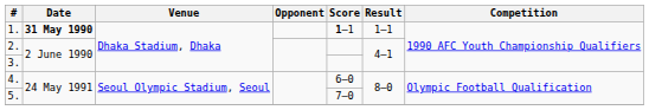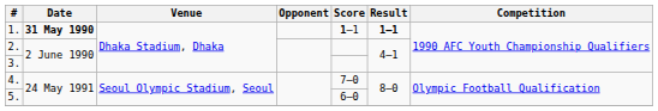 <table class="wikitable" style="font-size:95%">
 <tr>
 <th>#</th>
 <th>Date</th>
 <th>Venue</th>
 <th>Opponent</th>
 <th>Score</th>
 <th>Result</th>
 <th>Competition</th>
 </tr>
 <tr>
 <td>1.</td>
 <td><strong>31 May 1990</strong></td>
 <td rowspan=3><a href='#'>Dhaka Stadium</a>, <a href='#'>Dhaka</a></td>
 <td></td>
 <td style="text-align:center;"><strong>1</strong>–1</td>
-<td style="text-align:center;">1–1</td>
+<td style="text-align:center;"><strong>1–1</strong></td>
 <td rowspan=3><a href='#'>1990 AFC Youth Championship Qualifiers</a></td>
 </tr>
 <tr>
 <td>2.</td>
 <td rowspan=2>2 June 1990</td>
 <td rowspan=2></td>
 <td style="text-align:center;"></td>
 <td rowspan=2 style="text-align:center;">4–1</td>
 </tr>
 <tr>
 <td>3.</td>
 <td style="text-align:center;"></td>
 </tr>
 <tr>
 <td>4.</td>
 <td rowspan=2>24 May 1991</td>
 <td rowspan=2><a href='#'>Seoul Olympic Stadium</a>, <a href='#'>Seoul</a></td>
 <td rowspan=2></td>
-<td style="text-align:center;">6–0</td>
+<td style="text-align:center;">7–0</td>
 <td rowspan=2 style="text-align:center;">8–0</td>
 <td rowspan=2><a href='#'>Olympic Football Qualification</a></td>
 </tr>
 <tr>
 <td>5.</td>
-<td style="text-align:center;">7–0</td>
+<td style="text-align:center;">6–0</td>
 </tr>
 <tr>
 </tr>
 </table>
